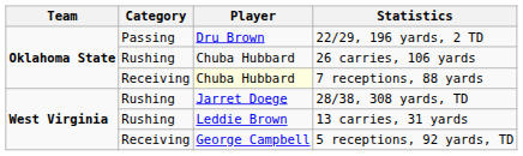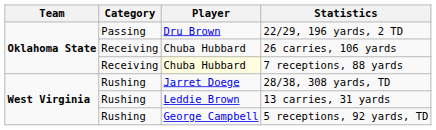 <table class="wikitable" style="float: right;">
 <tr>
 <th>Team</th>
 <th>Category</th>
 <th>Player</th>
 <th>Statistics</th>
 </tr>
 <tr>
 <td rowspan=3><strong>Oklahoma State</strong></td>
 <td>Passing</td>
 <td><a href='#'>Dru Brown</a></td>
 <td>22/29, 196 yards, 2 TD</td>
 </tr>
 <tr>
-<td>Rushing</td>
+<td>Receiving</td>
 <td>Chuba Hubbard</td>
 <td>26 carries, 106 yards</td>
 </tr>
 <tr>
 <td>Receiving</td>
 <td style="background: lightyellow;">Chuba Hubbard</td>
 <td>7 receptions, 88 yards</td>
 </tr>
 <tr>
 <td rowspan=3><strong>West Virginia</strong></td>
 <td>Rushing</td>
 <td><a href='#'>Jarret Doege</a></td>
 <td>28/38, 308 yards, TD</td>
 </tr>
 <tr>
 <td>Rushing</td>
 <td><a href='#'>Leddie Brown</a></td>
 <td>13 carries, 31 yards</td>
 </tr>
 <tr>
-<td>Receiving</td>
+<td>Rushing</td>
 <td><a href='#'>George Campbell</a></td>
 <td>5 receptions, 92 yards, TD</td>
 </tr>
 </table>
